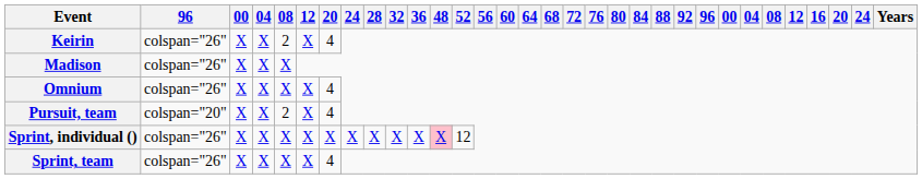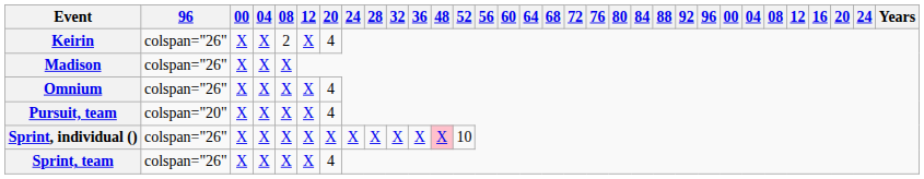 <table class="wikitable plainrowheaders sticky-header" style="text-align:center;">
 <tr>
 <th scope="col">Event</th>
 <th scope="col"><a href='#'>96</a></th>
 <th scope="col"><a href='#'>00</a></th>
 <th scope="col"><a href='#'>04</a></th>
 <th scope="col"><a href='#'>08</a></th>
 <th scope="col"><a href='#'>12</a></th>
 <th scope="col"><a href='#'>20</a></th>
 <th scope="col"><a href='#'>24</a></th>
 <th scope="col"><a href='#'>28</a></th>
 <th scope="col"><a href='#'>32</a></th>
 <th scope="col"><a href='#'>36</a></th>
 <th scope="col"><a href='#'>48</a></th>
 <th scope="col"><a href='#'>52</a></th>
 <th scope="col"><a href='#'>56</a></th>
 <th scope="col"><a href='#'>60</a></th>
 <th scope="col"><a href='#'>64</a></th>
 <th scope="col"><a href='#'>68</a></th>
 <th scope="col"><a href='#'>72</a></th>
 <th scope="col"><a href='#'>76</a></th>
 <th scope="col"><a href='#'>80</a></th>
 <th scope="col"><a href='#'>84</a></th>
 <th scope="col"><a href='#'>88</a></th>
 <th scope="col"><a href='#'>92</a></th>
 <th scope="col"><a href='#'>96</a></th>
 <th scope="col"><a href='#'>00</a></th>
 <th scope="col"><a href='#'>04</a></th>
 <th scope="col"><a href='#'>08</a></th>
 <th scope="col"><a href='#'>12</a></th>
 <th scope="col"><a href='#'>16</a></th>
 <th scope="col"><a href='#'>20</a></th>
 <th scope="col"><a href='#'>24</a></th>
 <th scope="col">Years</th>
 </tr>
 <tr>
 <th scope="row"><a href='#'>Keirin</a></th>
 <td>colspan="26"</td>
 <td><a href='#'>X</a></td>
 <td><a href='#'>X</a></td>
 <td>2</td>
 <td><a href='#'>X</a></td>
 <td>4</td>
 </tr>
 <tr>
 <th scope="row"><a href='#'>Madison</a></th>
 <td>colspan="26"</td>
 <td><a href='#'>X</a></td>
 <td><a href='#'>X</a></td>
 <td><a href='#'>X</a></td>
 </tr>
 <tr>
 <th scope="row"><a href='#'>Omnium</a></th>
 <td>colspan="26"</td>
 <td><a href='#'>X</a></td>
 <td><a href='#'>X</a></td>
 <td><a href='#'>X</a></td>
 <td><a href='#'>X</a></td>
 <td>4</td>
 </tr>
 <tr>
 <th scope="row"><a href='#'>Pursuit, team</a></th>
 <td>colspan="20"</td>
 <td><a href='#'>X</a></td>
 <td><a href='#'>X</a></td>
-<td>2</td>
+<td><a href='#'>X</a></td>
 <td><a href='#'>X</a></td>
 <td>4</td>
 </tr>
 <tr>
 <th scope="row"><a href='#'>Sprint</a>, individual ()</th>
 <td>colspan="26"</td>
 <td><a href='#'>X</a></td>
 <td><a href='#'>X</a></td>
 <td><a href='#'>X</a></td>
 <td><a href='#'>X</a></td>
 <td><a href='#'>X</a></td>
 <td><a href='#'>X</a></td>
 <td><a href='#'>X</a></td>
 <td><a href='#'>X</a></td>
 <td><a href='#'>X</a></td>
 <td style="background: pink;"><a href='#'>X</a></td>
-<td>12</td>
+<td>10</td>
 </tr>
 <tr>
 <th scope="row"><a href='#'>Sprint, team</a></th>
 <td>colspan="26"</td>
 <td><a href='#'>X</a></td>
 <td><a href='#'>X</a></td>
 <td><a href='#'>X</a></td>
 <td><a href='#'>X</a></td>
 <td>4</td>
 </tr>
 </table>
